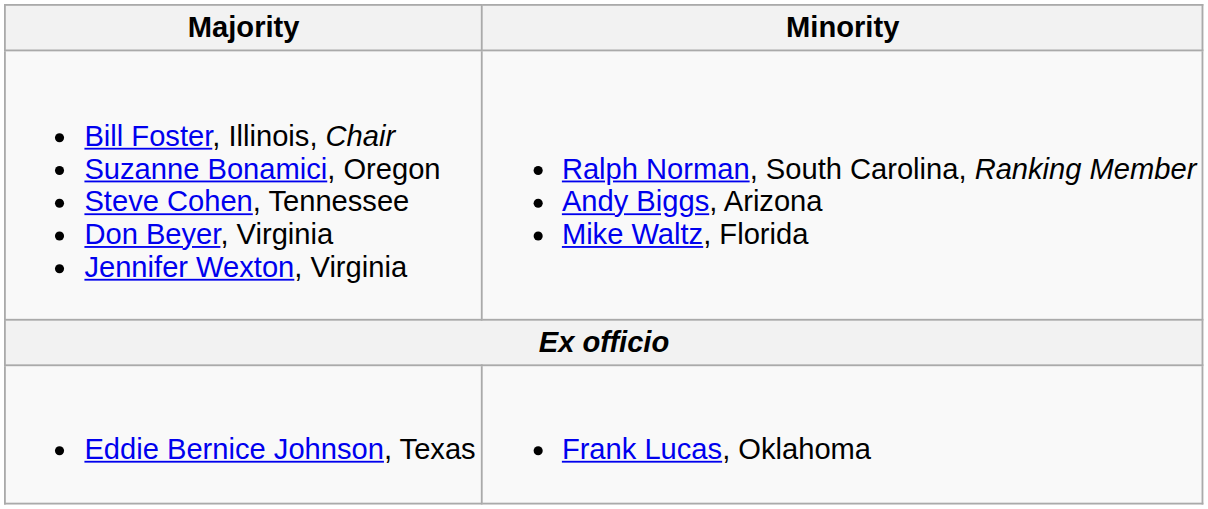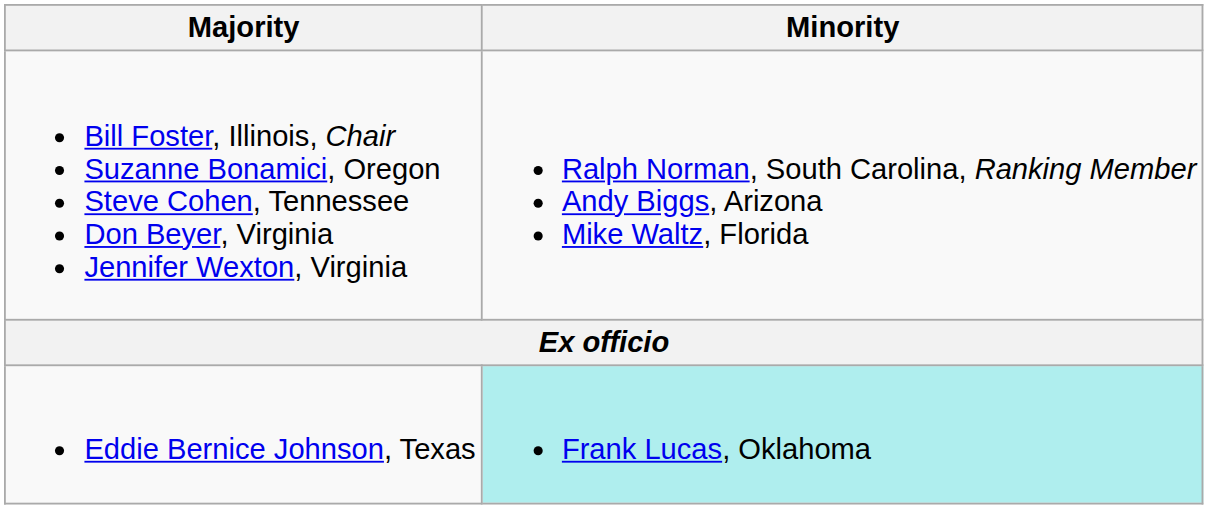 <table class=wikitable>
 <tr>
 <th>Majority</th>
 <th>Minority</th>
 </tr>
 <tr>
 <td><br><ul><li><a href='#'>Bill Foster</a>, Illinois, <em>Chair</em></li><li><a href='#'>Suzanne Bonamici</a>, Oregon</li><li><a href='#'>Steve Cohen</a>, Tennessee</li><li><a href='#'>Don Beyer</a>, Virginia</li><li><a href='#'>Jennifer Wexton</a>, Virginia</li></ul></td>
 <td><br><ul><li><a href='#'>Ralph Norman</a>, South Carolina, <em>Ranking Member</em></li><li><a href='#'>Andy Biggs</a>, Arizona</li><li><a href='#'>Mike Waltz</a>, Florida</li></ul></td>
 </tr>
 <tr>
 <th colspan=2><em>Ex officio</em></th>
 </tr>
 <tr>
 <td><br><ul><li><a href='#'>Eddie Bernice Johnson</a>, Texas</li></ul></td>
-<td><br><ul><li><a href='#'>Frank Lucas</a>, Oklahoma</li></ul></td>
+<td style="background: paleturquoise;"><br><ul><li><a href='#'>Frank Lucas</a>, Oklahoma</li></ul></td>
 </tr>
 </table>
